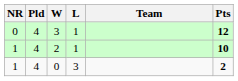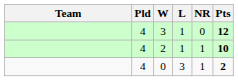 <table class="wikitable" style="text-align:center;">
 <tr>
-<th width=20 abbr="No result">NR</th>
+<th width=175>Team</th>
 <th width=20 abbr="Played">Pld</th>
 <th width=20 abbr="Won">W</th>
 <th width=20 abbr="Lost">L</th>
-<th width=175>Team</th>
+<th width=20 abbr="No result">NR</th>
 <th width=20 abbr="Points">Pts</th>
 </tr>
 <tr style="background:#ccffcc;">
-<td>0</td>
+<td align="left"></td>
 <td>4</td>
 <td>3</td>
 <td>1</td>
-<td align="left"></td>
+<td>0</td>
 <td><strong>12</strong></td>
 </tr>
 <tr style="background:#ccffcc;">
-<td>1</td>
+<td align="left"></td>
 <td>4</td>
 <td>2</td>
 <td>1</td>
-<td align="left"></td>
+<td>1</td>
 <td><strong>10</strong></td>
 </tr>
 <tr>
-<td>1</td>
+<td align="left"></td>
 <td>4</td>
 <td>0</td>
 <td>3</td>
-<td align="left"></td>
+<td>1</td>
 <td><strong>2</strong></td>
 </tr>
 </table>
